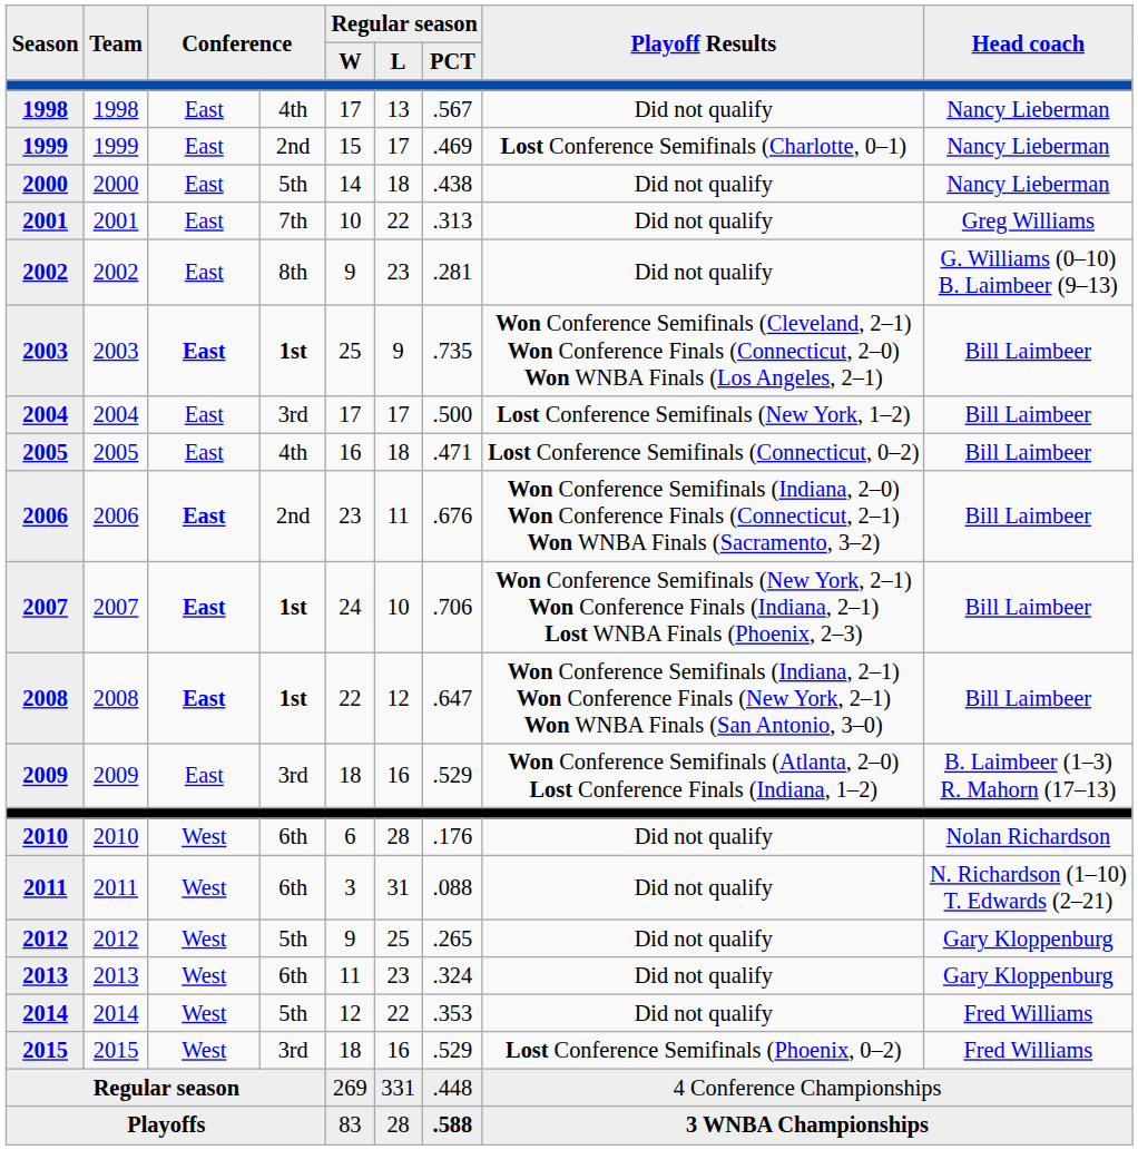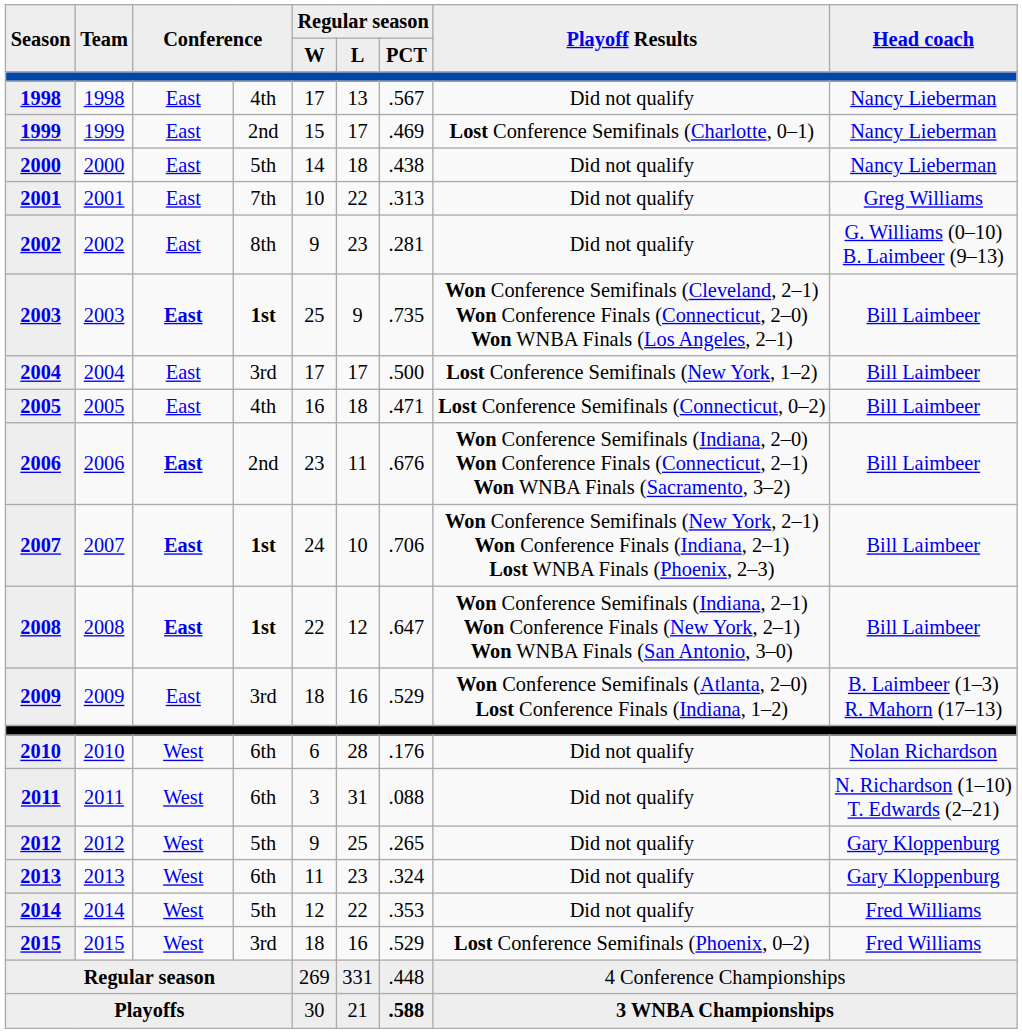 <table class="wikitable" style="font-size:95%; text-align: center; margin:1em auto;">
 <tr>
 <th rowspan="2" style="background:#eee;">Season</th>
 <th rowspan="2" style="background:#eee;">Team</th>
 <th rowspan="2" colspan="2" style="background:#eee;">Conference</th>
 <th colspan="3" style="background:#eee;">Regular season</th>
 <th rowspan="2" style="background:#eee;"><a href='#'>Playoff</a> Results</th>
 <th rowspan="2" style="background:#eee;"><a href='#'>Head coach</a></th>
 </tr>
 <tr>
 <th style="background:#eee;">W</th>
 <th style="background:#eee;">L</th>
 <th style="background:#eee;">PCT</th>
 </tr>
 <tr>
 <td colspan="9"  style="text-align:center; background:#0047ab;"><strong><a href='#'></a></strong></td>
 </tr>
 <tr style="text-align:center;">
 <th style="background:#eee;"><a href='#'>1998</a></th>
 <td><a href='#'>1998</a></td>
 <td><a href='#'>East</a></td>
 <td>4th</td>
 <td>17</td>
 <td>13</td>
 <td>.567</td>
 <td>Did not qualify</td>
 <td><a href='#'>Nancy Lieberman</a></td>
 </tr>
 <tr style="text-align:center;">
 <th style="background:#eee;"><a href='#'>1999</a></th>
 <td><a href='#'>1999</a></td>
 <td><a href='#'>East</a></td>
 <td>2nd</td>
 <td>15</td>
 <td>17</td>
 <td>.469</td>
 <td><strong>Lost</strong> Conference Semifinals (<a href='#'>Charlotte</a>, 0–1)</td>
 <td><a href='#'>Nancy Lieberman</a></td>
 </tr>
 <tr style="text-align:center;">
 <th style="background:#eee;"><a href='#'>2000</a></th>
 <td><a href='#'>2000</a></td>
 <td><a href='#'>East</a></td>
 <td>5th</td>
 <td>14</td>
 <td>18</td>
 <td>.438</td>
 <td>Did not qualify</td>
 <td><a href='#'>Nancy Lieberman</a></td>
 </tr>
 <tr style="text-align:center;">
 <th style="background:#eee;"><a href='#'>2001</a></th>
 <td><a href='#'>2001</a></td>
 <td><a href='#'>East</a></td>
 <td>7th</td>
 <td>10</td>
 <td>22</td>
 <td>.313</td>
 <td>Did not qualify</td>
 <td><a href='#'>Greg Williams</a></td>
 </tr>
 <tr style="text-align:center;">
 <th style="background:#eee;"><a href='#'>2002</a></th>
 <td><a href='#'>2002</a></td>
 <td><a href='#'>East</a></td>
 <td>8th</td>
 <td>9</td>
 <td>23</td>
 <td>.281</td>
 <td>Did not qualify</td>
 <td><a href='#'>G. Williams</a> (0–10)<br><a href='#'>B. Laimbeer</a> (9–13)</td>
 </tr>
 <tr style="text-align:center;">
 <th style="background:#eee;"><a href='#'>2003</a></th>
 <td><a href='#'>2003</a></td>
 <td><strong><a href='#'>East</a></strong></td>
 <td><strong>1st</strong></td>
 <td>25</td>
 <td>9</td>
 <td>.735</td>
 <td><strong>Won</strong> Conference Semifinals (<a href='#'>Cleveland</a>, 2–1)<br> <strong>Won</strong> Conference Finals (<a href='#'>Connecticut</a>, 2–0)<br> <strong>Won</strong> WNBA Finals (<a href='#'>Los Angeles</a>, 2–1)</td>
 <td><a href='#'>Bill Laimbeer</a></td>
 </tr>
 <tr style="text-align:center;">
 <th style="background:#eee;"><a href='#'>2004</a></th>
 <td><a href='#'>2004</a></td>
 <td><a href='#'>East</a></td>
 <td>3rd</td>
 <td>17</td>
 <td>17</td>
 <td>.500</td>
 <td><strong>Lost</strong> Conference Semifinals (<a href='#'>New York</a>, 1–2)</td>
 <td><a href='#'>Bill Laimbeer</a></td>
 </tr>
 <tr style="text-align:center;">
 <th style="background:#eee;"><a href='#'>2005</a></th>
 <td><a href='#'>2005</a></td>
 <td><a href='#'>East</a></td>
 <td>4th</td>
 <td>16</td>
 <td>18</td>
 <td>.471</td>
 <td><strong>Lost</strong> Conference Semifinals (<a href='#'>Connecticut</a>, 0–2)</td>
 <td><a href='#'>Bill Laimbeer</a></td>
 </tr>
 <tr style="text-align:center;">
 <th style="background:#eee;"><a href='#'>2006</a></th>
 <td><a href='#'>2006</a></td>
 <td><strong><a href='#'>East</a></strong></td>
 <td>2nd</td>
 <td>23</td>
 <td>11</td>
 <td>.676</td>
 <td><strong>Won</strong> Conference Semifinals (<a href='#'>Indiana</a>, 2–0)<br> <strong>Won</strong> Conference Finals (<a href='#'>Connecticut</a>, 2–1)<br> <strong>Won</strong> WNBA Finals (<a href='#'>Sacramento</a>, 3–2)</td>
 <td><a href='#'>Bill Laimbeer</a></td>
 </tr>
 <tr style="text-align:center;">
 <th style="background:#eee;"><a href='#'>2007</a></th>
 <td><a href='#'>2007</a></td>
 <td><strong><a href='#'>East</a></strong></td>
 <td><strong>1st</strong></td>
 <td>24</td>
 <td>10</td>
 <td>.706</td>
 <td><strong>Won</strong> Conference Semifinals (<a href='#'>New York</a>, 2–1)<br> <strong>Won</strong> Conference Finals (<a href='#'>Indiana</a>, 2–1)<br> <strong>Lost</strong> WNBA Finals (<a href='#'>Phoenix</a>, 2–3)</td>
 <td><a href='#'>Bill Laimbeer</a></td>
 </tr>
 <tr style="text-align:center;">
 <th style="background:#eee;"><a href='#'>2008</a></th>
 <td><a href='#'>2008</a></td>
 <td><strong><a href='#'>East</a></strong></td>
 <td><strong>1st</strong></td>
 <td>22</td>
 <td>12</td>
 <td>.647</td>
 <td><strong>Won</strong> Conference Semifinals (<a href='#'>Indiana</a>, 2–1)<br> <strong>Won</strong> Conference Finals (<a href='#'>New York</a>, 2–1)<br> <strong>Won</strong> WNBA Finals (<a href='#'>San Antonio</a>, 3–0)</td>
 <td><a href='#'>Bill Laimbeer</a></td>
 </tr>
 <tr style="text-align:center;">
 <th style="background:#eee;"><a href='#'>2009</a></th>
 <td><a href='#'>2009</a></td>
 <td><a href='#'>East</a></td>
 <td>3rd</td>
 <td>18</td>
 <td>16</td>
 <td>.529</td>
 <td><strong>Won</strong> Conference Semifinals (<a href='#'>Atlanta</a>, 2–0)<br> <strong>Lost</strong> Conference Finals (<a href='#'>Indiana</a>, 1–2)</td>
 <td><a href='#'>B. Laimbeer</a> (1–3)<br><a href='#'>R. Mahorn</a> (17–13)</td>
 </tr>
 <tr>
 <td colspan="9"  style="text-align:center; background:black;"></td>
 </tr>
 <tr style="text-align:center;">
 <th style="background:#eee;"><a href='#'>2010</a></th>
 <td><a href='#'>2010</a></td>
 <td><a href='#'>West</a></td>
 <td>6th</td>
 <td>6</td>
 <td>28</td>
 <td>.176</td>
 <td>Did not qualify</td>
 <td><a href='#'>Nolan Richardson</a></td>
 </tr>
 <tr style="text-align:center;">
 <th style="background:#eee;"><a href='#'>2011</a></th>
 <td><a href='#'>2011</a></td>
 <td><a href='#'>West</a></td>
 <td>6th</td>
 <td>3</td>
 <td>31</td>
 <td>.088</td>
 <td>Did not qualify</td>
 <td><a href='#'>N. Richardson</a> (1–10)<br><a href='#'>T. Edwards</a> (2–21)</td>
 </tr>
 <tr style="text-align:center;">
 <th style="background:#eee;"><a href='#'>2012</a></th>
 <td><a href='#'>2012</a></td>
 <td style="width: 10%"><a href='#'>West</a></td>
 <td>5th</td>
 <td>9</td>
 <td>25</td>
 <td>.265</td>
 <td>Did not qualify</td>
 <td><a href='#'>Gary Kloppenburg</a></td>
 </tr>
 <tr align="center">
 <th style="background:#eee;"><a href='#'>2013</a></th>
 <td><a href='#'>2013</a></td>
 <td><a href='#'>West</a></td>
 <td>6th</td>
 <td>11</td>
 <td>23</td>
 <td>.324</td>
 <td>Did not qualify</td>
 <td><a href='#'>Gary Kloppenburg</a></td>
 </tr>
 <tr align="center">
 <th style="background:#eee;"><a href='#'>2014</a></th>
 <td><a href='#'>2014</a></td>
 <td><a href='#'>West</a></td>
 <td>5th</td>
 <td>12</td>
 <td>22</td>
 <td>.353</td>
 <td>Did not qualify</td>
 <td><a href='#'>Fred Williams</a></td>
 </tr>
 <tr align="center">
 <th style="background:#eee;"><a href='#'>2015</a></th>
 <td><a href='#'>2015</a></td>
 <td><a href='#'>West</a></td>
 <td>3rd</td>
 <td>18</td>
 <td>16</td>
 <td>.529</td>
 <td><strong>Lost</strong> Conference Semifinals (<a href='#'>Phoenix</a>, 0–2)</td>
 <td><a href='#'>Fred Williams</a></td>
 </tr>
 <tr>
 <th colspan="4" style="background:#eee;">Regular season</th>
 <td style="background:#eee;">269</td>
 <td style="background:#eee;">331</td>
 <td style="background:#eee;">.448</td>
 <td colspan="2" style="background:#eee;">4 Conference Championships</td>
 </tr>
 <tr>
 <th colspan="4" style="background:#eee;">Playoffs</th>
-<td style="background:#eee;">83</td>
-<td style="background:#eee;">28</td>
+<td style="background:#eee;">30</td>
+<td style="background:#eee;">21</td>
 <td style="background:#eee;"><strong>.588</strong></td>
 <td colspan="2" style="background:#eee;"><strong>3 WNBA Championships</strong></td>
 </tr>
 </table>
